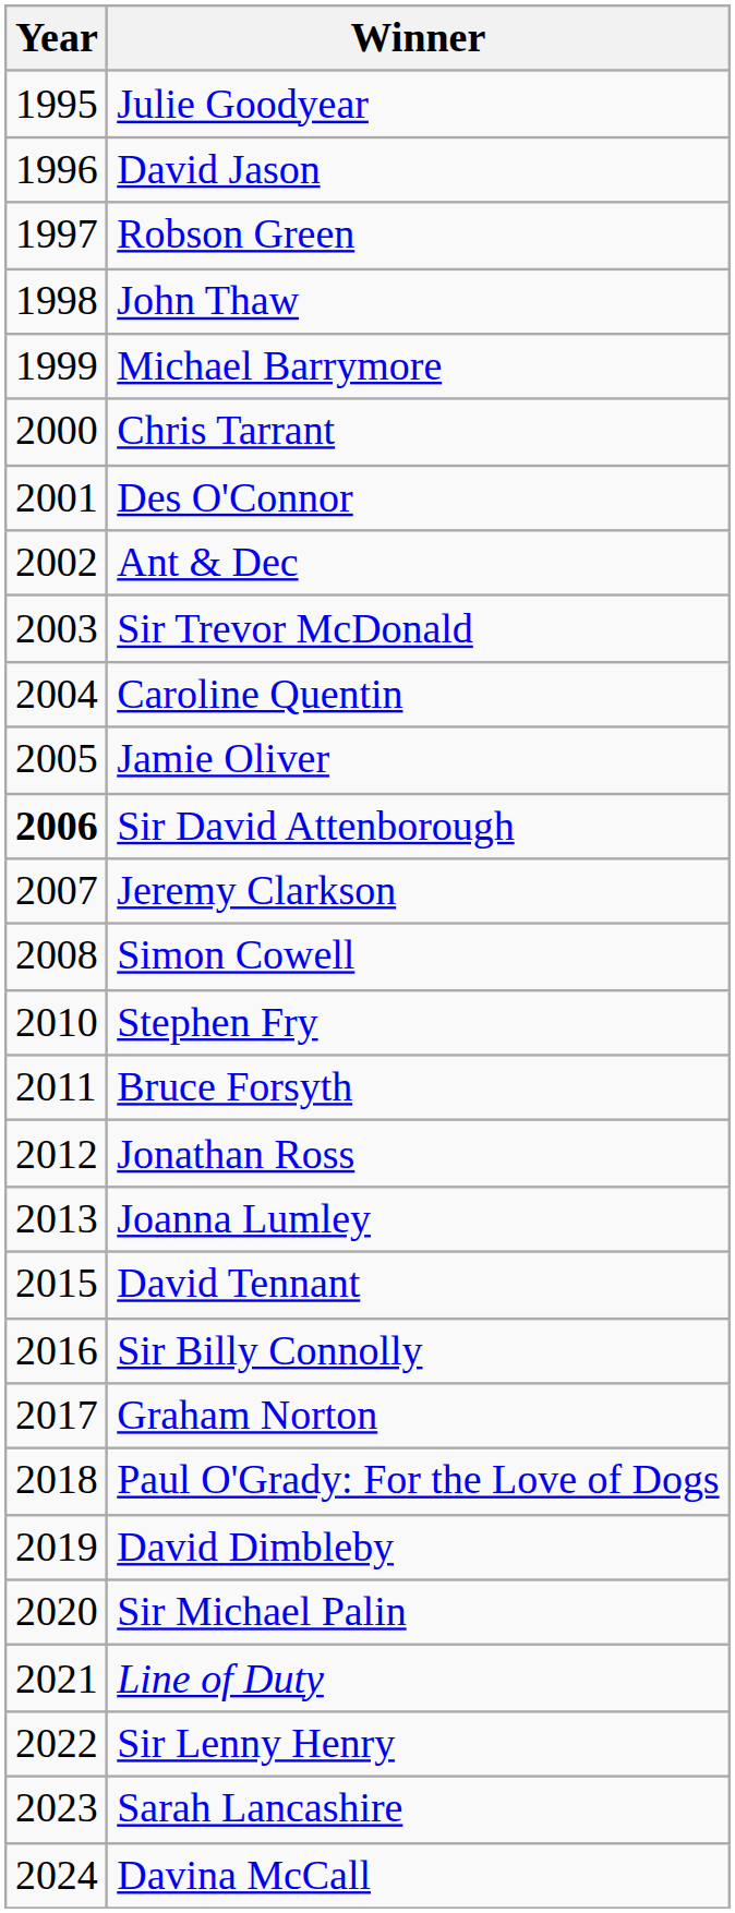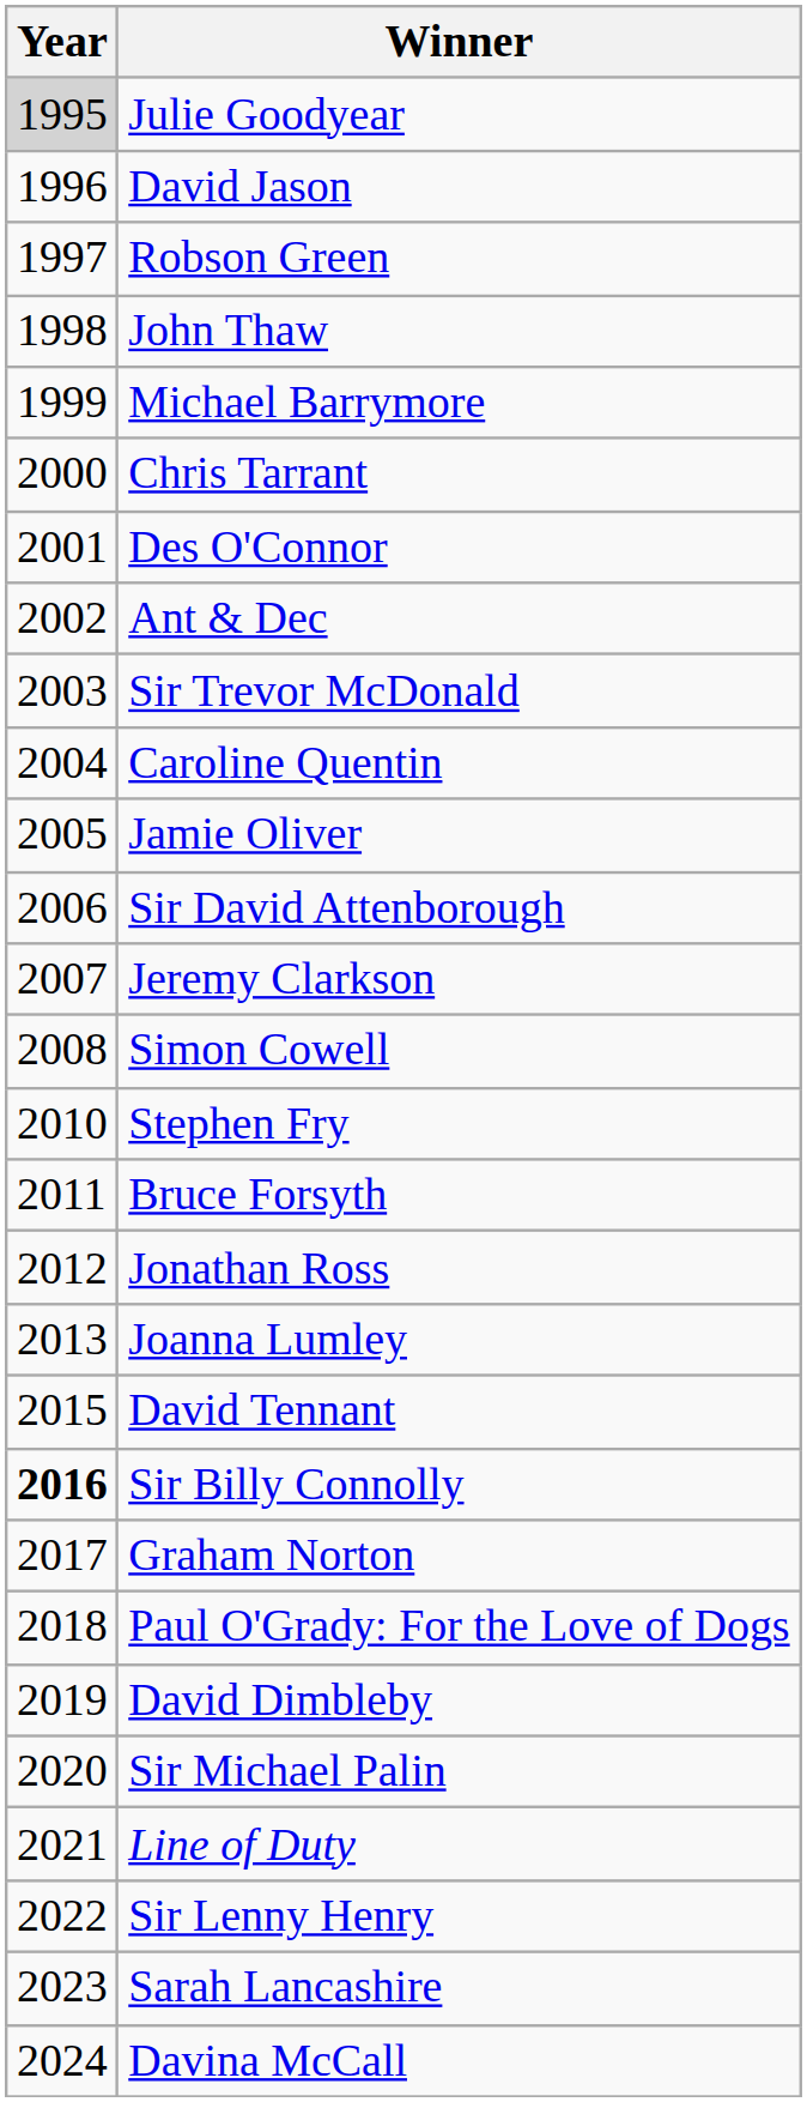 <table class="wikitable">
 <tr>
 <th>Year</th>
 <th>Winner</th>
 </tr>
 <tr>
-<td>1995</td>
+<td style="background: lightgrey;">1995</td>
 <td><a href='#'>Julie Goodyear</a></td>
 </tr>
 <tr>
 <td>1996</td>
 <td><a href='#'>David Jason</a></td>
 </tr>
 <tr>
 <td>1997</td>
 <td><a href='#'>Robson Green</a></td>
 </tr>
 <tr>
 <td>1998</td>
 <td><a href='#'>John Thaw</a></td>
 </tr>
 <tr>
 <td>1999</td>
 <td><a href='#'>Michael Barrymore</a></td>
 </tr>
 <tr>
 <td>2000</td>
 <td><a href='#'>Chris Tarrant</a></td>
 </tr>
 <tr>
 <td>2001</td>
 <td><a href='#'>Des O'Connor</a></td>
 </tr>
 <tr>
 <td>2002</td>
 <td><a href='#'>Ant & Dec</a></td>
 </tr>
 <tr>
 <td>2003</td>
 <td><a href='#'>Sir Trevor McDonald</a></td>
 </tr>
 <tr>
 <td>2004</td>
 <td><a href='#'>Caroline Quentin</a></td>
 </tr>
 <tr>
 <td>2005</td>
 <td><a href='#'>Jamie Oliver</a></td>
 </tr>
 <tr>
-<td><strong>2006</strong></td>
+<td>2006</td>
 <td><a href='#'>Sir David Attenborough</a></td>
 </tr>
 <tr>
 <td>2007</td>
 <td><a href='#'>Jeremy Clarkson</a></td>
 </tr>
 <tr>
 <td>2008</td>
 <td><a href='#'>Simon Cowell</a></td>
 </tr>
 <tr>
 <td>2010</td>
 <td><a href='#'>Stephen Fry</a></td>
 </tr>
 <tr>
 <td>2011</td>
 <td><a href='#'>Bruce Forsyth</a></td>
 </tr>
 <tr>
 <td>2012</td>
 <td><a href='#'>Jonathan Ross</a></td>
 </tr>
 <tr>
 <td>2013</td>
 <td><a href='#'>Joanna Lumley</a></td>
 </tr>
 <tr>
 <td>2015</td>
 <td><a href='#'>David Tennant</a></td>
 </tr>
 <tr>
-<td>2016</td>
+<td><strong>2016</strong></td>
 <td><a href='#'>Sir Billy Connolly</a></td>
 </tr>
 <tr>
 <td>2017</td>
 <td><a href='#'>Graham Norton</a></td>
 </tr>
 <tr>
 <td>2018</td>
 <td><a href='#'>Paul O'Grady: For the Love of Dogs</a></td>
 </tr>
 <tr>
 <td>2019</td>
 <td><a href='#'>David Dimbleby</a></td>
 </tr>
 <tr>
 <td>2020</td>
 <td><a href='#'>Sir Michael Palin</a></td>
 </tr>
 <tr>
 <td>2021</td>
 <td><em><a href='#'>Line of Duty</a></em></td>
 </tr>
 <tr>
 <td>2022</td>
 <td><a href='#'>Sir Lenny Henry</a></td>
 </tr>
 <tr>
 <td>2023</td>
 <td><a href='#'>Sarah Lancashire</a></td>
 </tr>
 <tr>
 <td>2024</td>
 <td><a href='#'>Davina McCall</a></td>
 </tr>
 </table>
